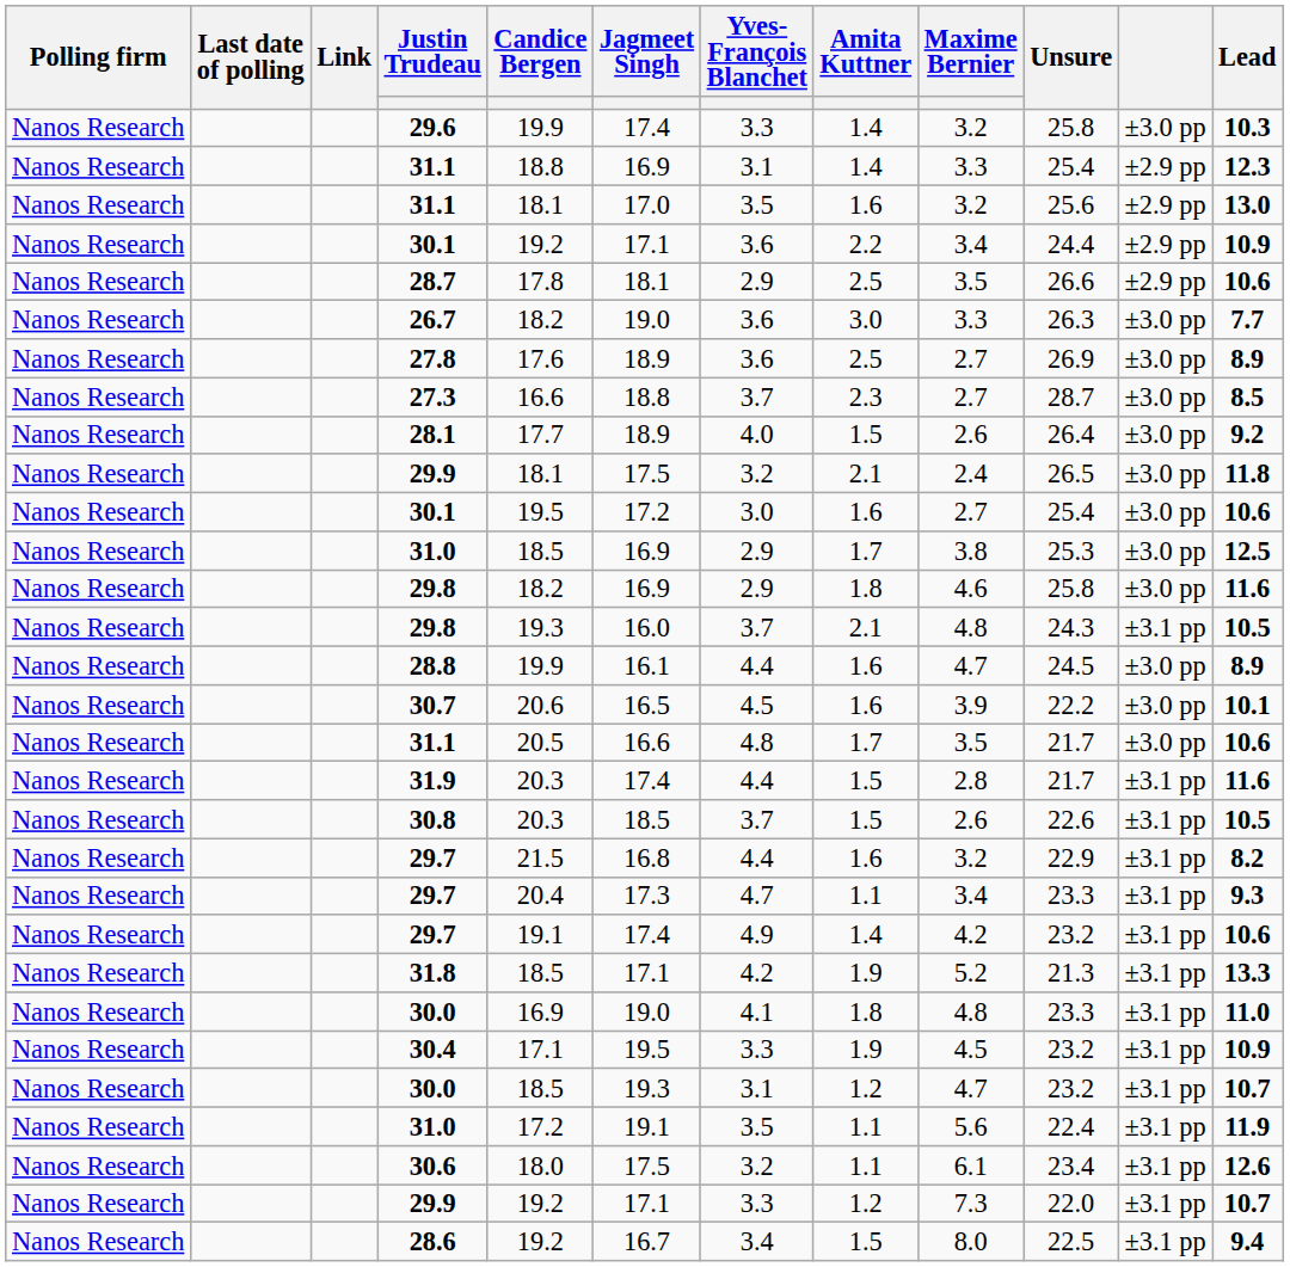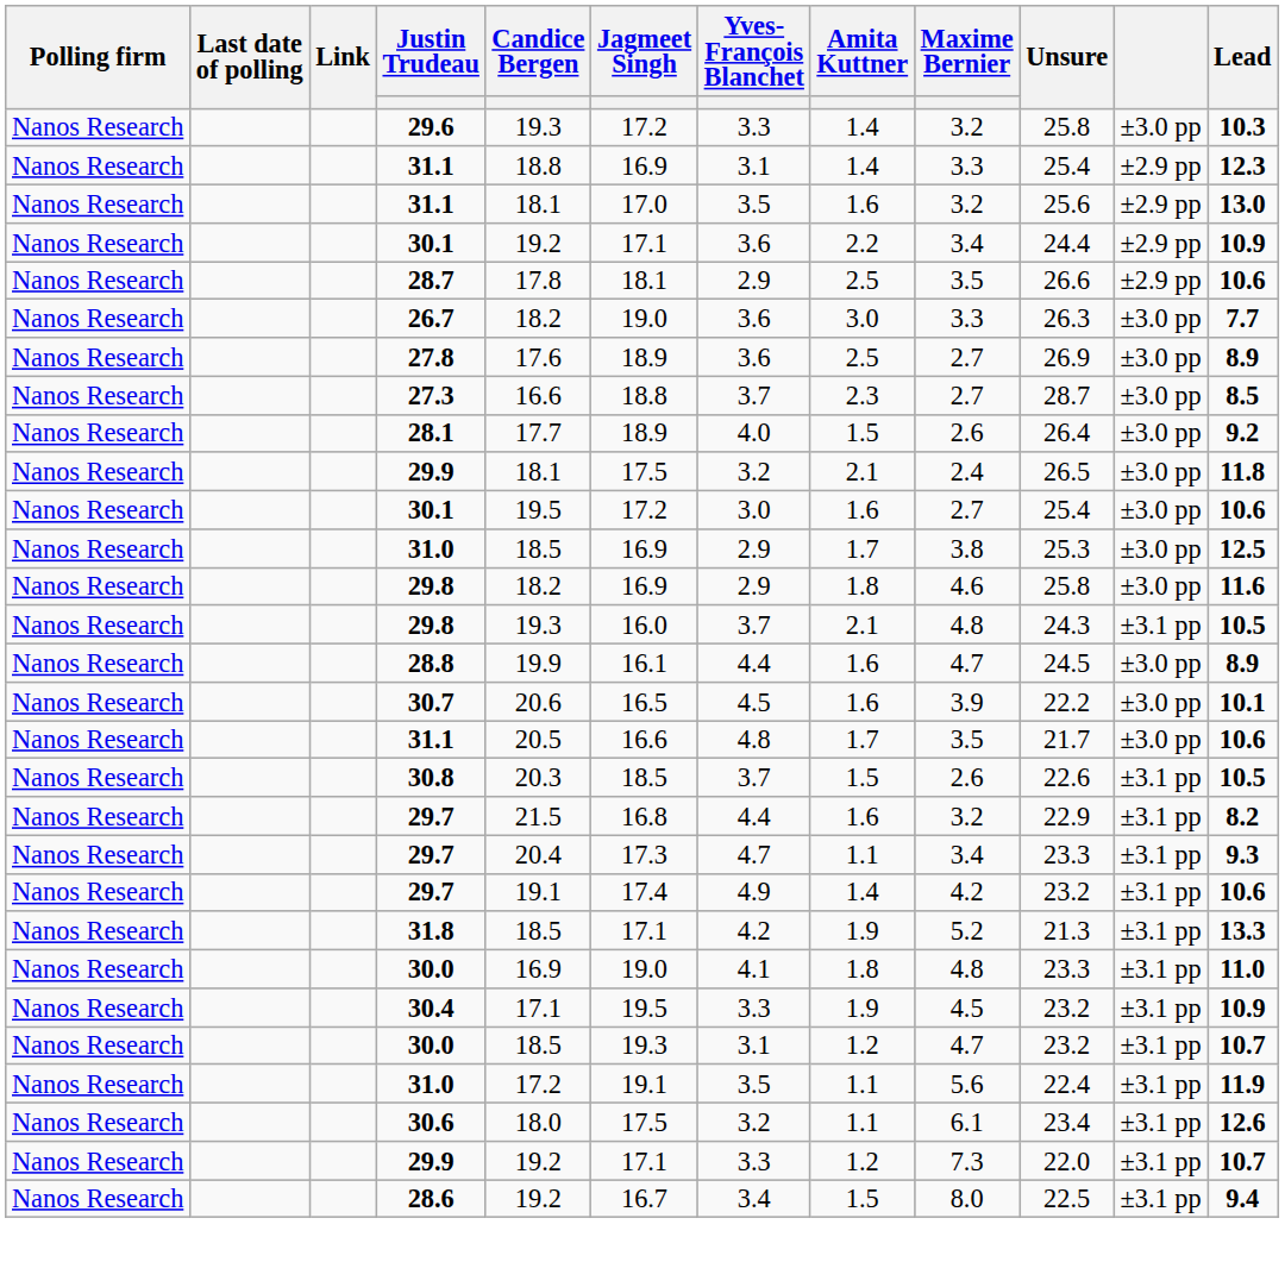 <table class="wikitable sortable mw-datatable mw-collapsible"" style="text-align:center;font-size:90%;line-height:14px;">
 <tr>
 <th rowspan="2">Polling firm</th>
 <th rowspan="2">Last date<br>of polling</th>
 <th rowspan="2">Link</th>
 <th style="width:40px;"><a href='#'>Justin Trudeau</a></th>
 <th style="width:40px;"><a href='#'>Candice Bergen</a></th>
 <th style="width:40px;"><a href='#'>Jagmeet Singh</a></th>
 <th style="width:40px;"><a href='#'>Yves-François Blanchet</a></th>
 <th style="width:40px;"><a href='#'>Amita Kuttner</a></th>
 <th style="width:40px;"><a href='#'>Maxime Bernier</a></th>
 <th rowspan="2">Unsure</th>
 <th rowspan="2"></th>
 <th rowspan="2">Lead</th>
 </tr>
 <tr class="sorttop">
 <th style="background-color:"></th>
 <th style="background-color:"></th>
 <th style="background-color:"></th>
 <th style="background-color:"></th>
 <th style="background-color:"></th>
 <th style="background-color:"></th>
 </tr>
 <tr>
 <td><a href='#'>Nanos Research</a></td>
 <td></td>
 <td></td>
 <td><strong>29.6</strong></td>
-<td>19.9</td>
-<td>17.4</td>
+<td>19.3</td>
+<td>17.2</td>
 <td>3.3</td>
 <td>1.4</td>
 <td>3.2</td>
 <td>25.8</td>
 <td>±3.0 pp</td>
 <td><strong>10.3</strong></td>
 </tr>
 <tr>
 <td><a href='#'>Nanos Research</a></td>
 <td></td>
 <td></td>
 <td><strong>31.1</strong></td>
 <td>18.8</td>
 <td>16.9</td>
 <td>3.1</td>
 <td>1.4</td>
 <td>3.3</td>
 <td>25.4</td>
 <td>±2.9 pp</td>
 <td><strong>12.3</strong></td>
 </tr>
 <tr>
 <td><a href='#'>Nanos Research</a></td>
 <td></td>
 <td></td>
 <td><strong>31.1</strong></td>
 <td>18.1</td>
 <td>17.0</td>
 <td>3.5</td>
 <td>1.6</td>
 <td>3.2</td>
 <td>25.6</td>
 <td>±2.9 pp</td>
 <td><strong>13.0</strong></td>
 </tr>
 <tr>
 <td><a href='#'>Nanos Research</a></td>
 <td></td>
 <td></td>
 <td><strong>30.1</strong></td>
 <td>19.2</td>
 <td>17.1</td>
 <td>3.6</td>
 <td>2.2</td>
 <td>3.4</td>
 <td>24.4</td>
 <td>±2.9 pp</td>
 <td><strong>10.9</strong></td>
 </tr>
 <tr>
 <td><a href='#'>Nanos Research</a></td>
 <td></td>
 <td></td>
 <td><strong>28.7</strong></td>
 <td>17.8</td>
 <td>18.1</td>
 <td>2.9</td>
 <td>2.5</td>
 <td>3.5</td>
 <td>26.6</td>
 <td>±2.9 pp</td>
 <td><strong>10.6</strong></td>
 </tr>
 <tr>
 <td><a href='#'>Nanos Research</a></td>
 <td></td>
 <td></td>
 <td><strong>26.7</strong></td>
 <td>18.2</td>
 <td>19.0</td>
 <td>3.6</td>
 <td>3.0</td>
 <td>3.3</td>
 <td>26.3</td>
 <td>±3.0 pp</td>
 <td><strong>7.7</strong></td>
 </tr>
 <tr>
 <td><a href='#'>Nanos Research</a></td>
 <td></td>
 <td></td>
 <td><strong>27.8</strong></td>
 <td>17.6</td>
 <td>18.9</td>
 <td>3.6</td>
 <td>2.5</td>
 <td>2.7</td>
 <td>26.9</td>
 <td>±3.0 pp</td>
 <td><strong>8.9</strong></td>
 </tr>
 <tr>
 <td><a href='#'>Nanos Research</a></td>
 <td></td>
 <td></td>
 <td><strong>27.3</strong></td>
 <td>16.6</td>
 <td>18.8</td>
 <td>3.7</td>
 <td>2.3</td>
 <td>2.7</td>
 <td>28.7</td>
 <td>±3.0 pp</td>
 <td><strong>8.5</strong></td>
 </tr>
 <tr>
 <td><a href='#'>Nanos Research</a></td>
 <td></td>
 <td></td>
 <td><strong>28.1</strong></td>
 <td>17.7</td>
 <td>18.9</td>
 <td>4.0</td>
 <td>1.5</td>
 <td>2.6</td>
 <td>26.4</td>
 <td>±3.0 pp</td>
 <td><strong>9.2</strong></td>
 </tr>
 <tr>
 <td><a href='#'>Nanos Research</a></td>
 <td></td>
 <td></td>
 <td><strong>29.9</strong></td>
 <td>18.1</td>
 <td>17.5</td>
 <td>3.2</td>
 <td>2.1</td>
 <td>2.4</td>
 <td>26.5</td>
 <td>±3.0 pp</td>
 <td><strong>11.8</strong></td>
 </tr>
 <tr>
 <td><a href='#'>Nanos Research</a></td>
 <td></td>
 <td></td>
 <td><strong>30.1</strong></td>
 <td>19.5</td>
 <td>17.2</td>
 <td>3.0</td>
 <td>1.6</td>
 <td>2.7</td>
 <td>25.4</td>
 <td>±3.0 pp</td>
 <td><strong>10.6</strong></td>
 </tr>
 <tr>
 <td><a href='#'>Nanos Research</a></td>
 <td></td>
 <td></td>
 <td><strong>31.0</strong></td>
 <td>18.5</td>
 <td>16.9</td>
 <td>2.9</td>
 <td>1.7</td>
 <td>3.8</td>
 <td>25.3</td>
 <td>±3.0 pp</td>
 <td><strong>12.5</strong></td>
 </tr>
 <tr>
 <td><a href='#'>Nanos Research</a></td>
 <td></td>
 <td></td>
 <td><strong>29.8</strong></td>
 <td>18.2</td>
 <td>16.9</td>
 <td>2.9</td>
 <td>1.8</td>
 <td>4.6</td>
 <td>25.8</td>
 <td>±3.0 pp</td>
 <td><strong>11.6</strong></td>
 </tr>
 <tr>
 <td><a href='#'>Nanos Research</a></td>
 <td></td>
 <td></td>
 <td><strong>29.8</strong></td>
 <td>19.3</td>
 <td>16.0</td>
 <td>3.7</td>
 <td>2.1</td>
 <td>4.8</td>
 <td>24.3</td>
 <td>±3.1 pp</td>
 <td><strong>10.5</strong></td>
 </tr>
 <tr>
 <td><a href='#'>Nanos Research</a></td>
 <td></td>
 <td></td>
 <td><strong>28.8</strong></td>
 <td>19.9</td>
 <td>16.1</td>
 <td>4.4</td>
 <td>1.6</td>
 <td>4.7</td>
 <td>24.5</td>
 <td>±3.0 pp</td>
 <td><strong>8.9</strong></td>
 </tr>
 <tr>
 <td><a href='#'>Nanos Research</a></td>
 <td></td>
 <td></td>
 <td><strong>30.7</strong></td>
 <td>20.6</td>
 <td>16.5</td>
 <td>4.5</td>
 <td>1.6</td>
 <td>3.9</td>
 <td>22.2</td>
 <td>±3.0 pp</td>
 <td><strong>10.1</strong></td>
 </tr>
 <tr>
 <td><a href='#'>Nanos Research</a></td>
 <td></td>
 <td></td>
 <td><strong>31.1</strong></td>
 <td>20.5</td>
 <td>16.6</td>
 <td>4.8</td>
 <td>1.7</td>
 <td>3.5</td>
 <td>21.7</td>
 <td>±3.0 pp</td>
 <td><strong>10.6</strong></td>
 </tr>
 <tr>
 <td><a href='#'>Nanos Research</a></td>
 <td></td>
 <td></td>
-<td><strong>31.9</strong></td>
-<td>20.3</td>
-<td>17.4</td>
-<td>4.4</td>
-<td>1.5</td>
-<td>2.8</td>
-<td>21.7</td>
-<td>±3.1 pp</td>
-<td><strong>11.6</strong></td>
-</tr>
-<tr>
-<td><a href='#'>Nanos Research</a></td>
-<td></td>
-<td></td>
 <td><strong>30.8</strong></td>
 <td>20.3</td>
 <td>18.5</td>
 <td>3.7</td>
 <td>1.5</td>
 <td>2.6</td>
 <td>22.6</td>
 <td>±3.1 pp</td>
 <td><strong>10.5</strong></td>
 </tr>
 <tr>
 <td><a href='#'>Nanos Research</a></td>
 <td></td>
 <td></td>
 <td><strong>29.7</strong></td>
 <td>21.5</td>
 <td>16.8</td>
 <td>4.4</td>
 <td>1.6</td>
 <td>3.2</td>
 <td>22.9</td>
 <td>±3.1 pp</td>
 <td><strong>8.2</strong></td>
 </tr>
 <tr>
 <td><a href='#'>Nanos Research</a></td>
 <td></td>
 <td></td>
 <td><strong>29.7</strong></td>
 <td>20.4</td>
 <td>17.3</td>
 <td>4.7</td>
 <td>1.1</td>
 <td>3.4</td>
 <td>23.3</td>
 <td>±3.1 pp</td>
 <td><strong>9.3</strong></td>
 </tr>
 <tr>
 <td><a href='#'>Nanos Research</a></td>
 <td></td>
 <td></td>
 <td><strong>29.7</strong></td>
 <td>19.1</td>
 <td>17.4</td>
 <td>4.9</td>
 <td>1.4</td>
 <td>4.2</td>
 <td>23.2</td>
 <td>±3.1 pp</td>
 <td><strong>10.6</strong></td>
 </tr>
 <tr>
 <td><a href='#'>Nanos Research</a></td>
 <td></td>
 <td></td>
 <td><strong>31.8</strong></td>
 <td>18.5</td>
 <td>17.1</td>
 <td>4.2</td>
 <td>1.9</td>
 <td>5.2</td>
 <td>21.3</td>
 <td>±3.1 pp</td>
 <td><strong>13.3</strong></td>
 </tr>
 <tr>
 <td><a href='#'>Nanos Research</a></td>
 <td></td>
 <td></td>
 <td><strong>30.0</strong></td>
 <td>16.9</td>
 <td>19.0</td>
 <td>4.1</td>
 <td>1.8</td>
 <td>4.8</td>
 <td>23.3</td>
 <td>±3.1 pp</td>
 <td><strong>11.0</strong></td>
 </tr>
 <tr>
 <td><a href='#'>Nanos Research</a></td>
 <td></td>
 <td></td>
 <td><strong>30.4</strong></td>
 <td>17.1</td>
 <td>19.5</td>
 <td>3.3</td>
 <td>1.9</td>
 <td>4.5</td>
 <td>23.2</td>
 <td>±3.1 pp</td>
 <td><strong>10.9</strong></td>
 </tr>
 <tr>
 <td><a href='#'>Nanos Research</a></td>
 <td></td>
 <td></td>
 <td><strong>30.0</strong></td>
 <td>18.5</td>
 <td>19.3</td>
 <td>3.1</td>
 <td>1.2</td>
 <td>4.7</td>
 <td>23.2</td>
 <td>±3.1 pp</td>
 <td><strong>10.7</strong></td>
 </tr>
 <tr>
 <td><a href='#'>Nanos Research</a></td>
 <td></td>
 <td></td>
 <td><strong>31.0</strong></td>
 <td>17.2</td>
 <td>19.1</td>
 <td>3.5</td>
 <td>1.1</td>
 <td>5.6</td>
 <td>22.4</td>
 <td>±3.1 pp</td>
 <td><strong>11.9</strong></td>
 </tr>
 <tr>
 <td><a href='#'>Nanos Research</a></td>
 <td></td>
 <td></td>
 <td><strong>30.6</strong></td>
 <td>18.0</td>
 <td>17.5</td>
 <td>3.2</td>
 <td>1.1</td>
 <td>6.1</td>
 <td>23.4</td>
 <td>±3.1 pp</td>
 <td><strong>12.6</strong></td>
 </tr>
 <tr>
 <td><a href='#'>Nanos Research</a></td>
 <td></td>
 <td></td>
 <td><strong>29.9</strong></td>
 <td>19.2</td>
 <td>17.1</td>
 <td>3.3</td>
 <td>1.2</td>
 <td>7.3</td>
 <td>22.0</td>
 <td>±3.1 pp</td>
 <td><strong>10.7</strong></td>
 </tr>
 <tr>
 <td><a href='#'>Nanos Research</a></td>
 <td></td>
 <td></td>
 <td><strong>28.6</strong></td>
 <td>19.2</td>
 <td>16.7</td>
 <td>3.4</td>
 <td>1.5</td>
 <td>8.0</td>
 <td>22.5</td>
 <td>±3.1 pp</td>
 <td><strong>9.4</strong></td>
 </tr>
 </table>
